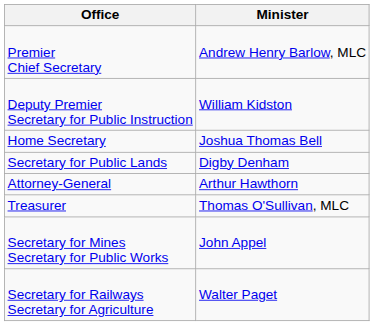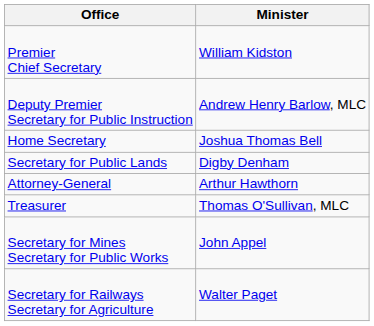 <table class="wikitable">
 <tr>
 <th>Office</th>
 <th>Minister</th>
 </tr>
 <tr>
 <td><br><a href='#'>Premier</a><br> <a href='#'>Chief Secretary</a><br></td>
-<td><a href='#'>Andrew Henry Barlow</a>, MLC</td>
+<td><a href='#'>William Kidston</a></td>
 </tr>
 <tr>
 <td><br><a href='#'>Deputy Premier</a><br> <a href='#'>Secretary for Public Instruction</a></td>
-<td><a href='#'>William Kidston</a></td>
+<td><a href='#'>Andrew Henry Barlow</a>, MLC</td>
 </tr>
 <tr>
 <td><a href='#'>Home Secretary</a></td>
 <td><a href='#'>Joshua Thomas Bell</a></td>
 </tr>
 <tr>
 <td><a href='#'>Secretary for Public Lands</a></td>
 <td><a href='#'>Digby Denham</a></td>
 </tr>
 <tr>
 <td><a href='#'>Attorney-General</a></td>
 <td><a href='#'>Arthur Hawthorn</a></td>
 </tr>
 <tr>
 <td><a href='#'>Treasurer</a></td>
 <td><a href='#'>Thomas O'Sullivan</a>, MLC</td>
 </tr>
 <tr>
 <td><br><a href='#'>Secretary for Mines</a><br> <a href='#'>Secretary for Public Works</a></td>
 <td><a href='#'>John Appel</a></td>
 </tr>
 <tr>
 <td><br><a href='#'>Secretary for Railways</a><br> <a href='#'>Secretary for Agriculture</a></td>
 <td><a href='#'>Walter Paget</a></td>
 </tr>
 </table>
